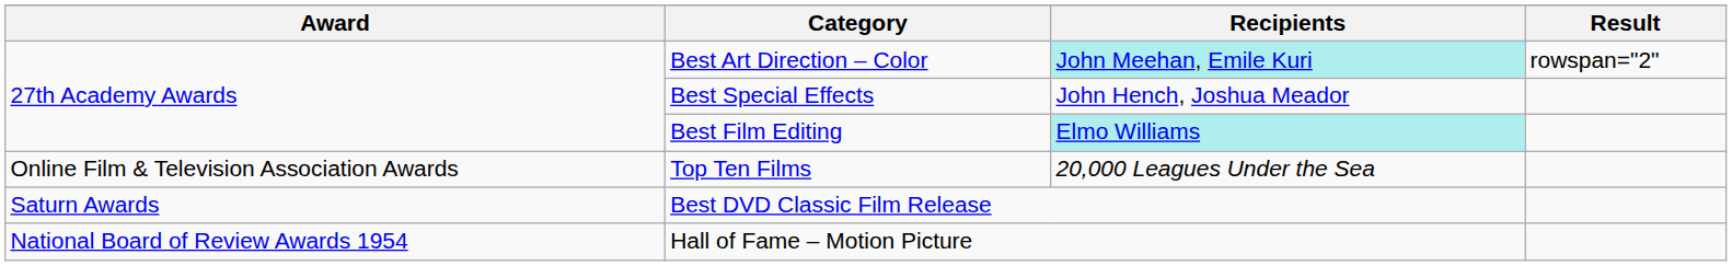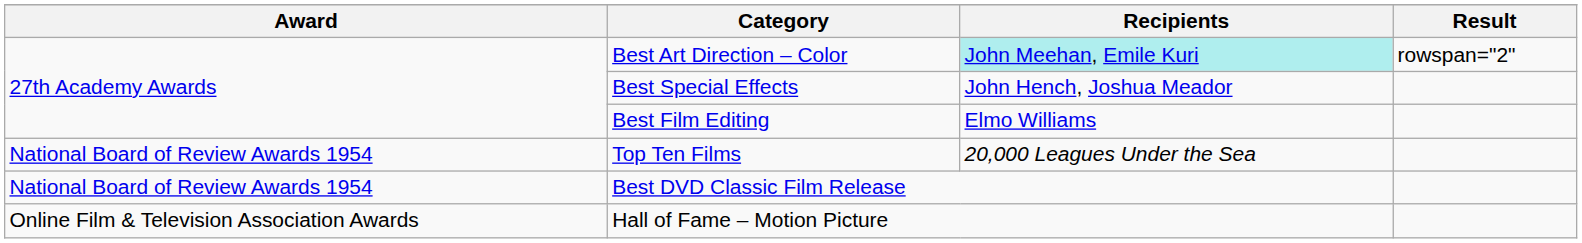 <table class="wikitable" style="width:95%;">
 <tr>
 </tr>
 <tr>
 <th>Award</th>
 <th>Category</th>
 <th>Recipients</th>
 <th>Result</th>
 </tr>
 <tr>
 <td rowspan="3"><a href='#'>27th Academy Awards</a></td>
 <td><a href='#'>Best Art Direction – Color</a></td>
 <td style="background: paleturquoise;"><a href='#'>John Meehan</a>, <a href='#'>Emile Kuri</a></td>
 <td>rowspan="2" </td>
 </tr>
 <tr>
 <td><a href='#'>Best Special Effects</a></td>
 <td><a href='#'>John Hench</a>, <a href='#'>Joshua Meador</a></td>
 </tr>
 <tr>
 <td><a href='#'>Best Film Editing</a></td>
-<td style="background: paleturquoise;"><a href='#'>Elmo Williams</a></td>
+<td><a href='#'>Elmo Williams</a></td>
 <td></td>
 </tr>
 <tr>
-<td>Online Film & Television Association Awards</td>
+<td><a href='#'>National Board of Review Awards 1954</a></td>
 <td><a href='#'>Top Ten Films</a></td>
 <td><em>20,000 Leagues Under the Sea</em></td>
 <td></td>
 </tr>
 <tr>
-<td><a href='#'>Saturn Awards</a></td>
+<td><a href='#'>National Board of Review Awards 1954</a></td>
 <td colspan="2"><a href='#'>Best DVD Classic Film Release</a></td>
 <td></td>
 </tr>
 <tr>
-<td><a href='#'>National Board of Review Awards 1954</a></td>
+<td>Online Film & Television Association Awards</td>
 <td colspan="2">Hall of Fame – Motion Picture</td>
 <td></td>
 </tr>
 </table>
